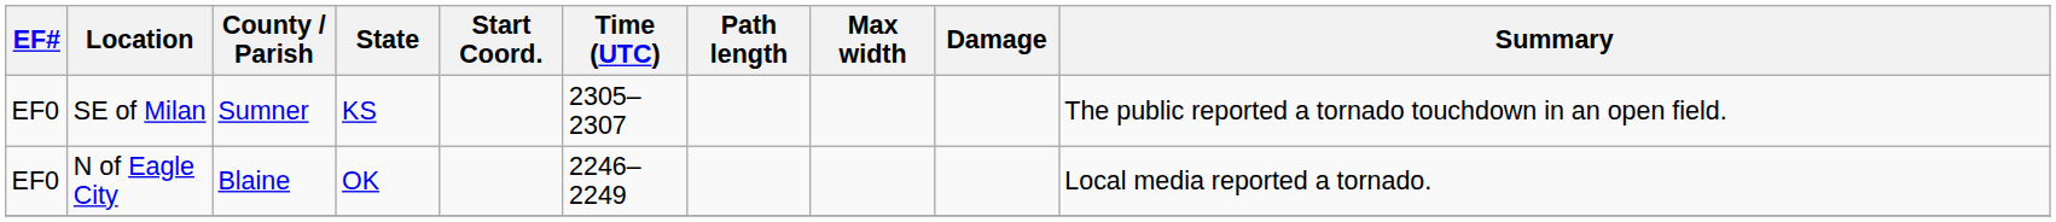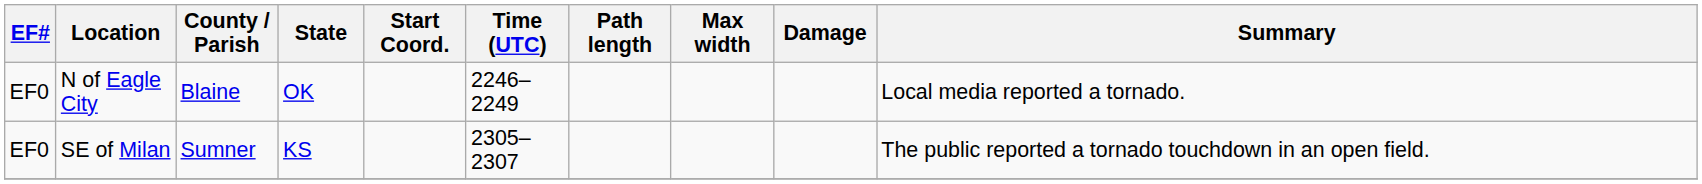 <table class="wikitable sortable" style="width:100%;">
 <tr>
 <th scope="col" width="3%" align="center"><a href='#'>EF#</a></th>
 <th scope="col" width="7%" align="center" class="unsortable">Location</th>
 <th scope="col" width="6%" align="center" class="unsortable">County / Parish</th>
 <th scope="col" width="5%" align="center">State</th>
 <th scope="col" width="6%" align="center">Start Coord.</th>
 <th scope="col" width="6%" align="center">Time (<a href='#'>UTC</a>)</th>
 <th scope="col" width="6%" align="center">Path length</th>
 <th scope="col" width="6%" align="center">Max width</th>
 <th scope="col" width="6%" align="center">Damage</th>
 <th scope="col" width="48%" class="unsortable" align="center">Summary</th>
 </tr>
 <tr>
 <td>EF0</td>
+<td>N of <a href='#'>Eagle City</a></td>
+<td><a href='#'>Blaine</a></td>
+<td><a href='#'>OK</a></td>
+<td></td>
+<td>2246–2249</td>
+<td></td>
+<td></td>
+<td></td>
+<td>Local media reported a tornado.</td>
+</tr>
+<tr>
+<td>EF0</td>
 <td>SE of <a href='#'>Milan</a></td>
 <td><a href='#'>Sumner</a></td>
 <td><a href='#'>KS</a></td>
 <td></td>
 <td>2305–2307</td>
 <td></td>
 <td></td>
 <td></td>
 <td>The public reported a tornado touchdown in an open field.</td>
 </tr>
 <tr>
-<td>EF0</td>
-<td>N of <a href='#'>Eagle City</a></td>
-<td><a href='#'>Blaine</a></td>
-<td><a href='#'>OK</a></td>
-<td></td>
-<td>2246–2249</td>
-<td></td>
-<td></td>
-<td></td>
-<td>Local media reported a tornado.</td>
-</tr>
-<tr>
 </tr>
 </table>
